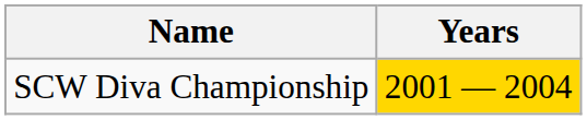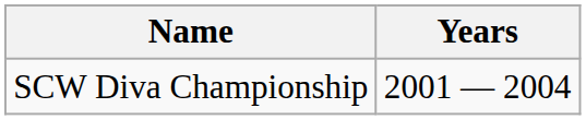 <table class="wikitable" border="1">
 <tr>
 <th>Name</th>
 <th>Years</th>
 </tr>
 <tr>
 <td>SCW Diva Championship</td>
-<td style="background: gold;">2001 — 2004</td>
+<td>2001 — 2004</td>
 </tr>
 </table>
